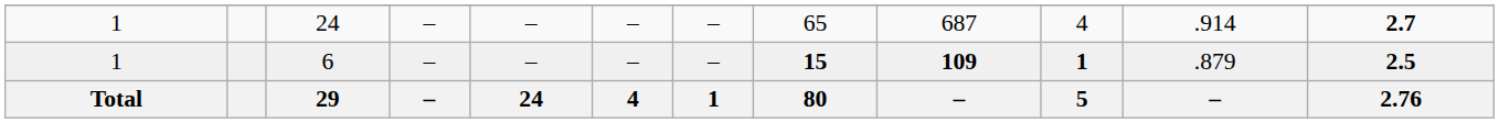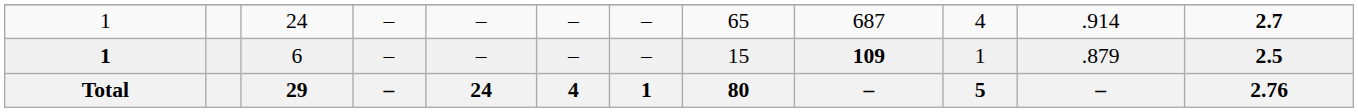 <table class="wikitable sortable" width ="1000">
 <tr align="center">
 </tr>
 <tr align="center" bgcolor=>
 <td>1</td>
 <td></td>
 <td>24</td>
 <td>–</td>
 <td>–</td>
 <td>–</td>
 <td>–</td>
 <td>65</td>
 <td>687</td>
 <td>4</td>
 <td>.914</td>
 <td><strong>2.7</strong></td>
 </tr>
 <tr align="center" bgcolor="#f0f0f0">
-<td>1</td>
+<td><strong>1</strong></td>
 <td></td>
 <td>6</td>
 <td>–</td>
 <td>–</td>
 <td>–</td>
 <td>–</td>
-<td><strong>15</strong></td>
+<td>15</td>
 <td><strong>109</strong></td>
-<td><strong>1</strong></td>
+<td>1</td>
 <td>.879</td>
 <td><strong>2.5</strong></td>
 </tr>
 <tr>
 <th>Total</th>
 <th></th>
 <th>29</th>
 <th>–</th>
 <th>24</th>
 <th>4</th>
 <th>1</th>
 <th>80</th>
 <th>–</th>
 <th>5</th>
 <th>–</th>
 <th>2.76</th>
 </tr>
 </table>
